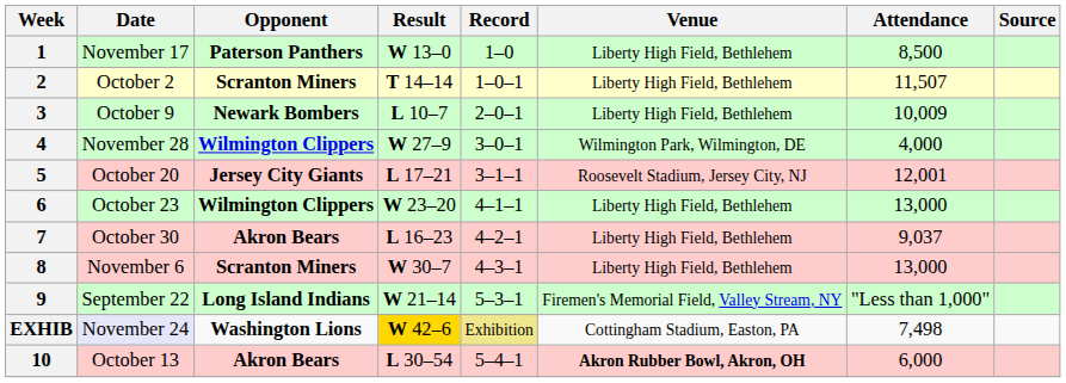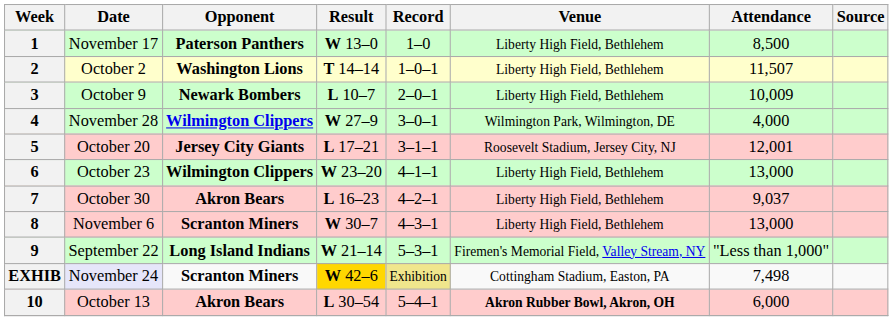 <table class="wikitable" style="text-align:center">
 <tr>
 <th>Week</th>
 <th>Date</th>
 <th>Opponent</th>
 <th>Result</th>
 <th>Record</th>
 <th>Venue</th>
 <th>Attendance</th>
 <th>Source</th>
 </tr>
 <tr style="background: #cfc;">
 <th>1</th>
 <td>November 17</td>
 <td><strong>Paterson Panthers</strong></td>
 <td><strong>W</strong> 13–0</td>
 <td>1–0</td>
 <td><small>Liberty High Field, Bethlehem</small></td>
 <td>8,500</td>
 <td></td>
 </tr>
 <tr style="background:#ffc">
 <th>2</th>
 <td>October 2</td>
-<td><strong>Scranton Miners</strong></td>
+<td><strong>Washington Lions</strong></td>
 <td><strong>T</strong> 14–14</td>
 <td>1–0–1</td>
 <td><small>Liberty High Field, Bethlehem</small></td>
 <td>11,507</td>
 <td></td>
 </tr>
 <tr style="background: #cfc;">
 <th>3</th>
 <td>October 9</td>
 <td><strong>Newark Bombers</strong></td>
 <td><strong>L</strong> 10–7</td>
 <td>2–0–1</td>
 <td><small>Liberty High Field, Bethlehem</small></td>
 <td>10,009</td>
 <td></td>
 </tr>
 <tr style="background: #cfc;">
 <th>4</th>
 <td>November 28</td>
 <td><strong><a href='#'>Wilmington Clippers</a></strong></td>
 <td><strong>W</strong> 27–9</td>
 <td>3–0–1</td>
 <td><small>Wilmington Park, Wilmington, DE</small></td>
 <td>4,000</td>
 <td></td>
 </tr>
 <tr style="background:#fcc">
 <th>5</th>
 <td>October 20</td>
 <td><strong>Jersey City Giants</strong></td>
 <td><strong>L</strong> 17–21</td>
 <td>3–1–1</td>
 <td><small>Roosevelt Stadium, Jersey City, NJ</small></td>
 <td>12,001</td>
 <td></td>
 </tr>
 <tr style="background: #cfc;">
 <th>6</th>
 <td>October 23</td>
 <td><strong>Wilmington Clippers</strong></td>
 <td><strong>W</strong> 23–20</td>
 <td>4–1–1</td>
 <td><small>Liberty High Field, Bethlehem</small></td>
 <td>13,000</td>
 <td></td>
 </tr>
 <tr style="background:#fcc">
 <th>7</th>
 <td>October 30</td>
 <td><strong>Akron Bears</strong></td>
 <td><strong>L</strong> 16–23</td>
 <td>4–2–1</td>
 <td><small>Liberty High Field, Bethlehem</small></td>
 <td>9,037</td>
 <td></td>
 </tr>
 <tr style="background:#fcc">
 <th>8</th>
 <td>November 6</td>
 <td><strong>Scranton Miners</strong></td>
 <td><strong>W</strong> 30–7</td>
 <td>4–3–1</td>
 <td><small>Liberty High Field, Bethlehem</small></td>
 <td>13,000</td>
 <td></td>
 </tr>
 <tr style="background: #cfc;">
 <th>9</th>
 <td>September 22</td>
 <td><strong>Long Island Indians</strong></td>
 <td><strong>W</strong> 21–14</td>
 <td>5–3–1</td>
 <td><small>Firemen's Memorial Field, <a href='#'>Valley Stream, NY</a></small></td>
 <td>"Less than 1,000"</td>
 <td></td>
 </tr>
 <tr>
 <th>EXHIB</th>
 <td style="background: lavender;">November 24</td>
-<td><strong>Washington Lions</strong></td>
+<td><strong>Scranton Miners</strong></td>
 <td style="background: gold;"><strong>W</strong> 42–6</td>
 <td style="background: khaki;"><small>Exhibition</small></td>
 <td><small>Cottingham Stadium, Easton, PA</small></td>
 <td>7,498</td>
 <td></td>
 </tr>
 <tr style="background: #fcc">
 <th>10</th>
 <td>October 13</td>
 <td><strong>Akron Bears</strong></td>
 <td><strong>L</strong> 30–54</td>
 <td>5–4–1</td>
 <td><strong><small>Akron Rubber Bowl, Akron, OH</small></strong></td>
 <td>6,000</td>
 <td></td>
 </tr>
 <tr>
 </tr>
 </table>
